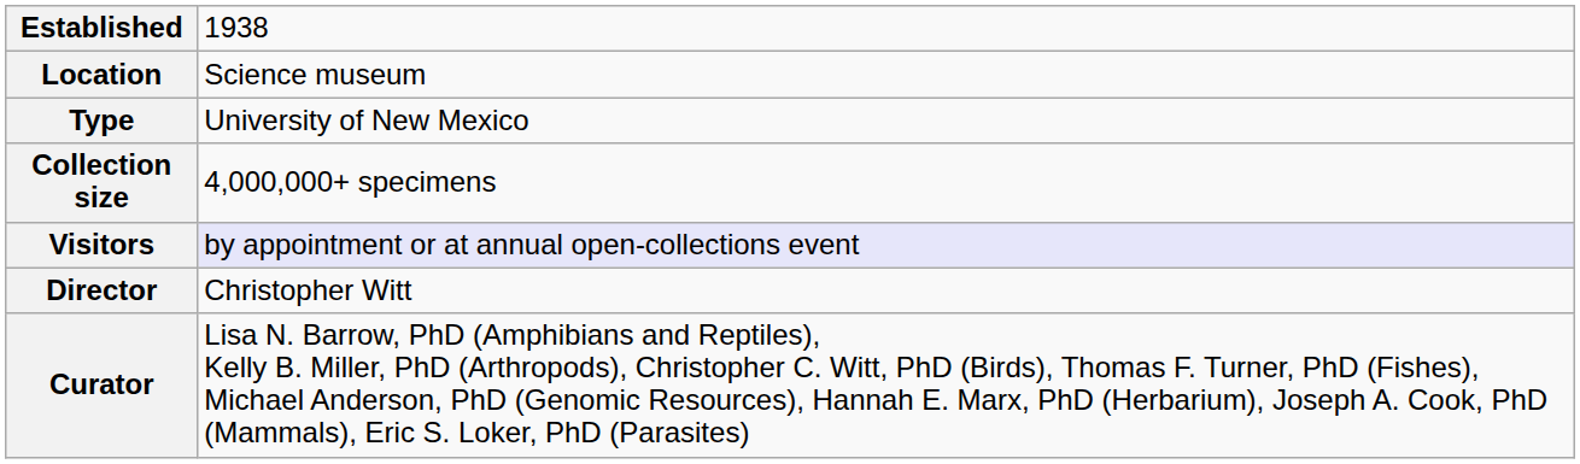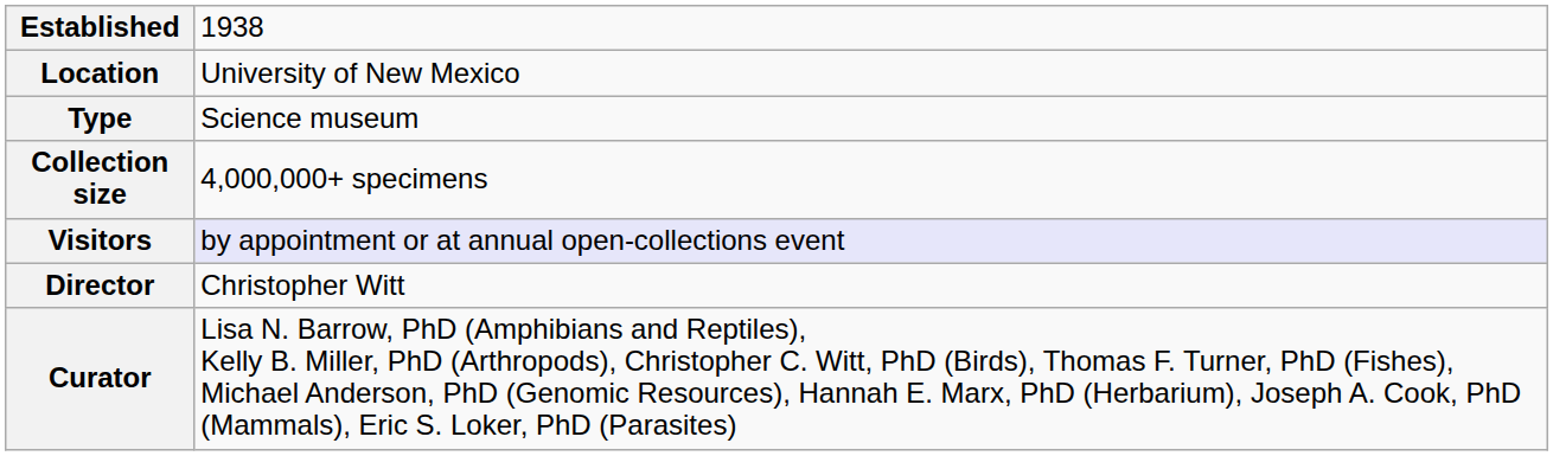 <table class="wikitable">
 <tr>
 <th>Established</th>
 <td>1938</td>
 </tr>
 <tr>
 <th>Location</th>
-<td>Science museum</td>
+<td>University of New Mexico</td>
 </tr>
 <tr>
 <th>Type</th>
-<td>University of New Mexico</td>
+<td>Science museum</td>
 </tr>
 <tr>
 <th>Collection size</th>
 <td>4,000,000+ specimens</td>
 </tr>
 <tr>
 <th>Visitors</th>
 <td style="background: lavender;">by appointment or at annual open-collections event</td>
 </tr>
 <tr>
 <th>Director</th>
 <td>Christopher Witt</td>
 </tr>
 <tr>
 <th>Curator</th>
 <td>Lisa N. Barrow, PhD (Amphibians and Reptiles),<br>Kelly B. Miller, PhD (Arthropods), Christopher C. Witt, PhD (Birds), Thomas F. Turner, PhD (Fishes), Michael Anderson, PhD (Genomic Resources), Hannah E. Marx, PhD (Herbarium), Joseph A. Cook, PhD (Mammals), Eric S. Loker, PhD (Parasites)</td>
 </tr>
 </table>
